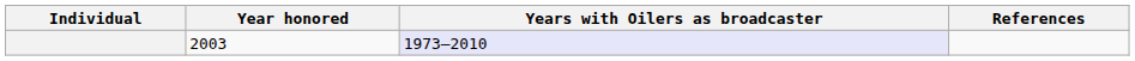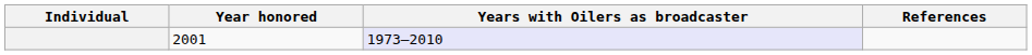 <table class="wikitable sortable" width="75%">
 <tr>
 <th scope="col">Individual</th>
 <th scope="col">Year honored</th>
 <th scope="col">Years with Oilers as broadcaster</th>
 <th scope="col" class="unsortable">References</th>
 </tr>
 <tr>
 <th scope="row"></th>
-<td>2003</td>
+<td>2001</td>
 <td style="background: lavender;">1973–2010</td>
 <td></td>
 </tr>
 </table>
